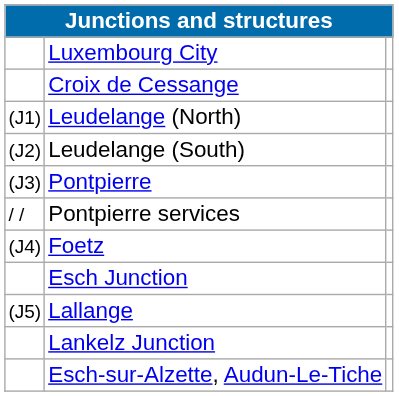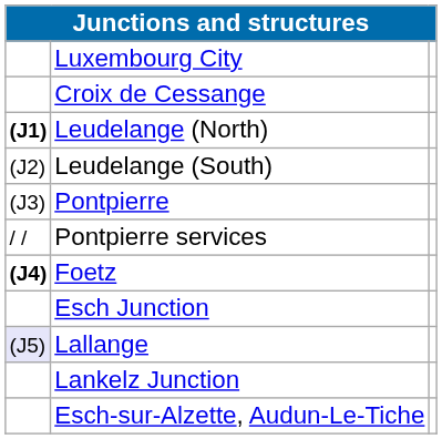 <table border="1" cellpadding="2" cellspacing="0" align="left" style="margin-left:0.5em; border:1px solid #aaa; border-collapse:collapse;">
 <tr>
 <td colspan=3 style="color:#ffffff;background-color:#006CAC; text-align: center;"><strong>Junctions and structures</strong></td>
 </tr>
 <tr>
 <td style="font-size:85%;"></td>
 <td><a href='#'>Luxembourg City</a></td>
 <td></td>
 </tr>
 <tr>
 <td style="font-size:85%;"></td>
 <td><a href='#'>Croix de Cessange</a></td>
 <td></td>
 </tr>
 <tr>
-<td style="font-size:85%;"> (J1)</td>
+<td style="font-size:85%;"><strong> (J1)</strong></td>
 <td><a href='#'>Leudelange</a> (North)</td>
 <td></td>
 </tr>
 <tr>
 <td style="font-size:85%;"> (J2)</td>
 <td>Leudelange (South)</td>
 <td></td>
 </tr>
 <tr>
 <td style="font-size:85%;"> (J3)</td>
 <td><a href='#'>Pontpierre</a></td>
 <td></td>
 </tr>
 <tr>
 <td style="font-size:85%;"> /  / </td>
 <td>Pontpierre services</td>
 <td></td>
 </tr>
 <tr>
-<td style="font-size:85%;"> (J4)</td>
+<td style="font-size:85%;"><strong> (J4)</strong></td>
 <td><a href='#'>Foetz</a></td>
 <td></td>
 </tr>
 <tr>
 <td style="font-size:85%;"></td>
 <td><a href='#'>Esch Junction</a></td>
 <td></td>
 </tr>
 <tr>
-<td style="font-size:85%;"> (J5)</td>
+<td style="background: lavender; font-size:85%;"> (J5)</td>
 <td><a href='#'>Lallange</a></td>
 <td></td>
 </tr>
 <tr>
 <td style="font-size:85%;"></td>
 <td><a href='#'>Lankelz Junction</a></td>
 <td></td>
 </tr>
 <tr>
 <td style="font-size:85%;"></td>
 <td><a href='#'>Esch-sur-Alzette</a>, <a href='#'>Audun-Le-Tiche</a></td>
 <td></td>
 </tr>
 </table>
